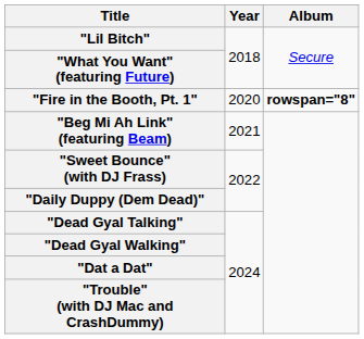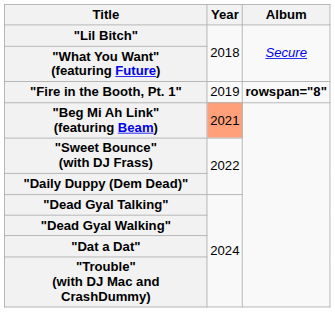 <table class="wikitable plainrowheaders" style="text-align:center;">
 <tr>
 <th scope="col" style="width:15em;">Title</th>
 <th scope="col" style="width:1em;">Year</th>
 <th scope="col">Album</th>
 </tr>
 <tr>
 <th scope="row">"Lil Bitch"</th>
 <td rowspan="2">2018</td>
 <td rowspan="2"><em><a href='#'>Secure</a></em></td>
 </tr>
 <tr>
 <th scope="row">"What You Want"<br><span>(featuring <a href='#'>Future</a>)</span></th>
 </tr>
 <tr>
 <th scope="row">"Fire in the Booth, Pt. 1"</th>
-<td>2020</td>
+<td>2019</td>
 <td><strong>rowspan="8" </strong></td>
 </tr>
 <tr>
 <th scope="row">"Beg Mi Ah Link"<br><span>(featuring <a href='#'>Beam</a>)</span></th>
-<td>2021</td>
+<td style="background: lightsalmon;">2021</td>
 </tr>
 <tr>
 <th scope="row">"Sweet Bounce"<br><span>(with DJ Frass)</span></th>
 <td rowspan="2">2022</td>
 </tr>
 <tr>
 <th scope="row">"Daily Duppy (Dem Dead)"</th>
 </tr>
 <tr>
 <th scope="row">"Dead Gyal Talking"</th>
 <td rowspan="4">2024</td>
 </tr>
 <tr>
 <th scope="row">"Dead Gyal Walking"</th>
 </tr>
 <tr>
 <th scope="row">"Dat a Dat"</th>
 </tr>
 <tr>
 <th scope="row">"Trouble"<br><span>(with DJ Mac and CrashDummy)</span></th>
 </tr>
 </table>
